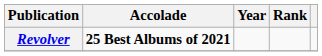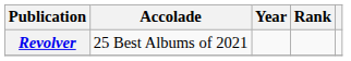 <table class="wikitable plainrowheaders">
 <tr>
 <th>Publication</th>
 <th>Accolade</th>
 <th>Year</th>
 <th>Rank</th>
 <th></th>
 </tr>
 <tr>
 <th scope="row"><em><a href='#'>Revolver</a></em></th>
-<td><strong>25 Best Albums of 2021</strong></td>
+<td>25 Best Albums of 2021</td>
 <td></td>
 <td></td>
 <td></td>
 </tr>
 <tr>
 </tr>
 </table>
